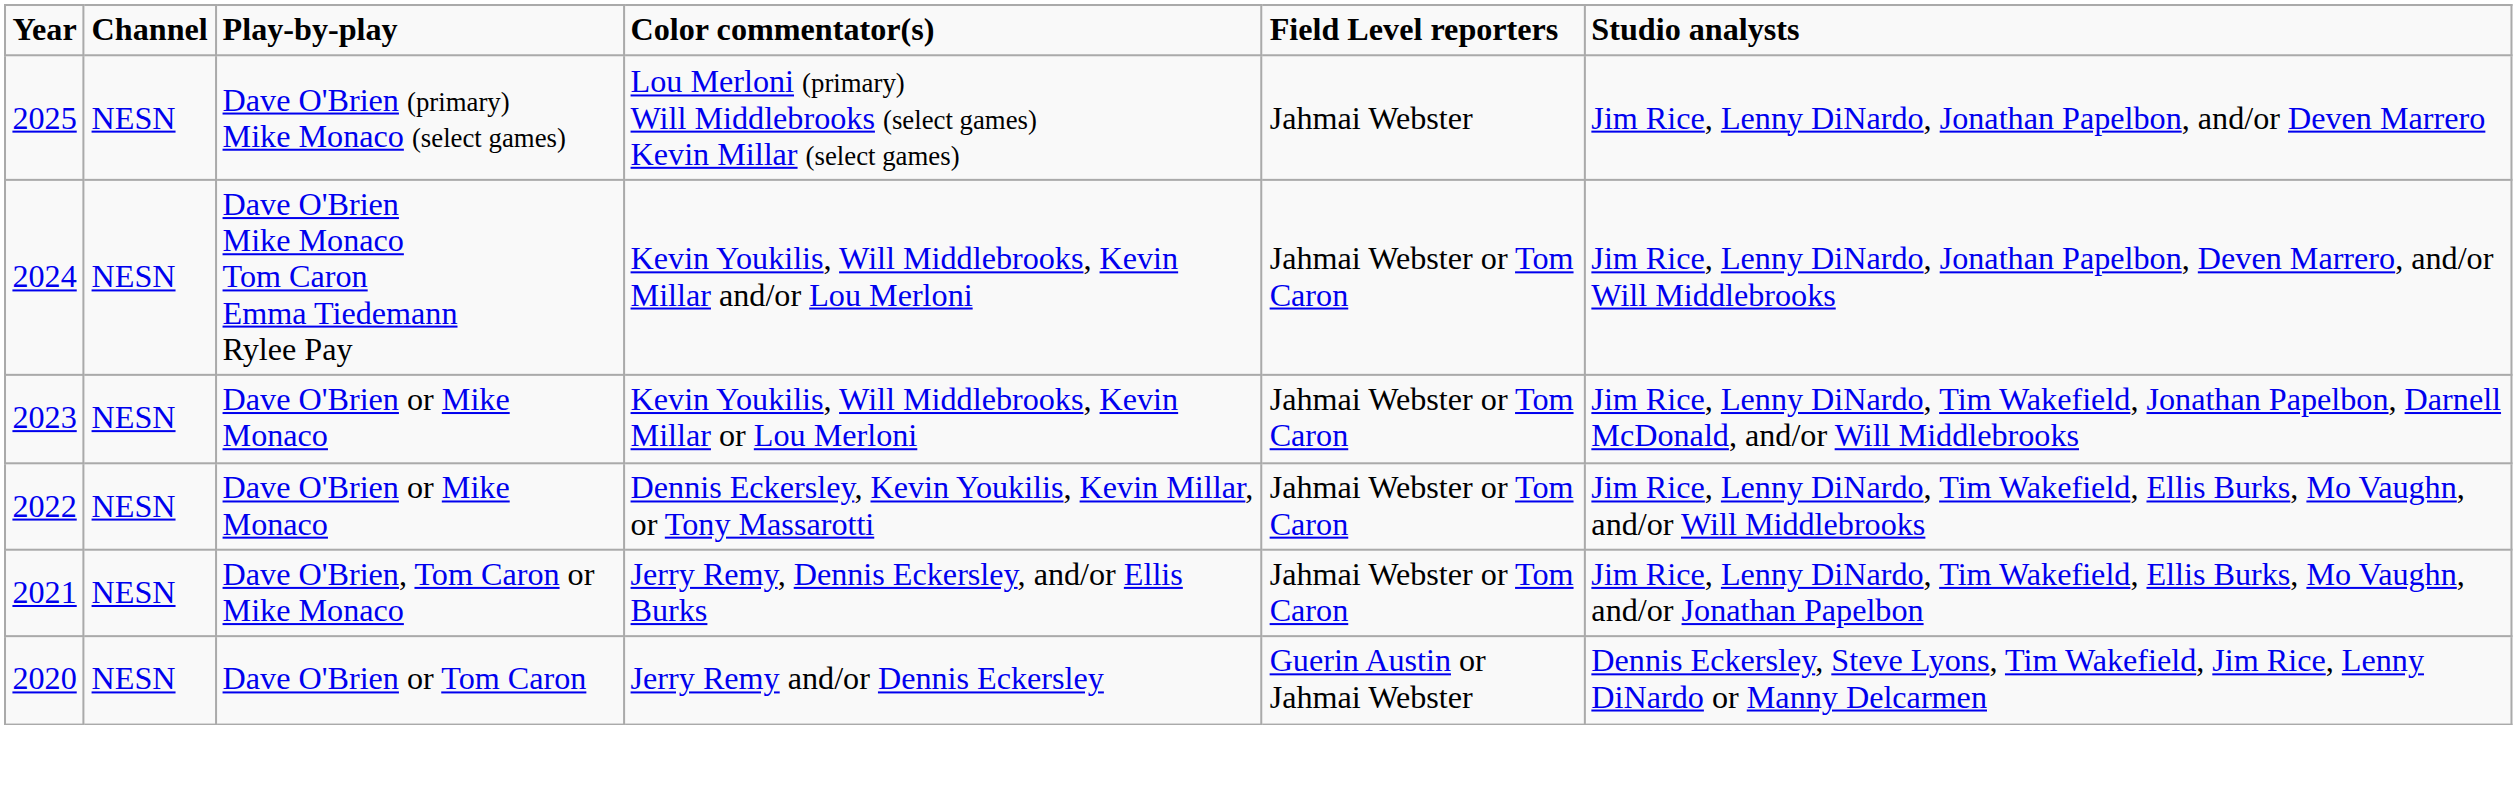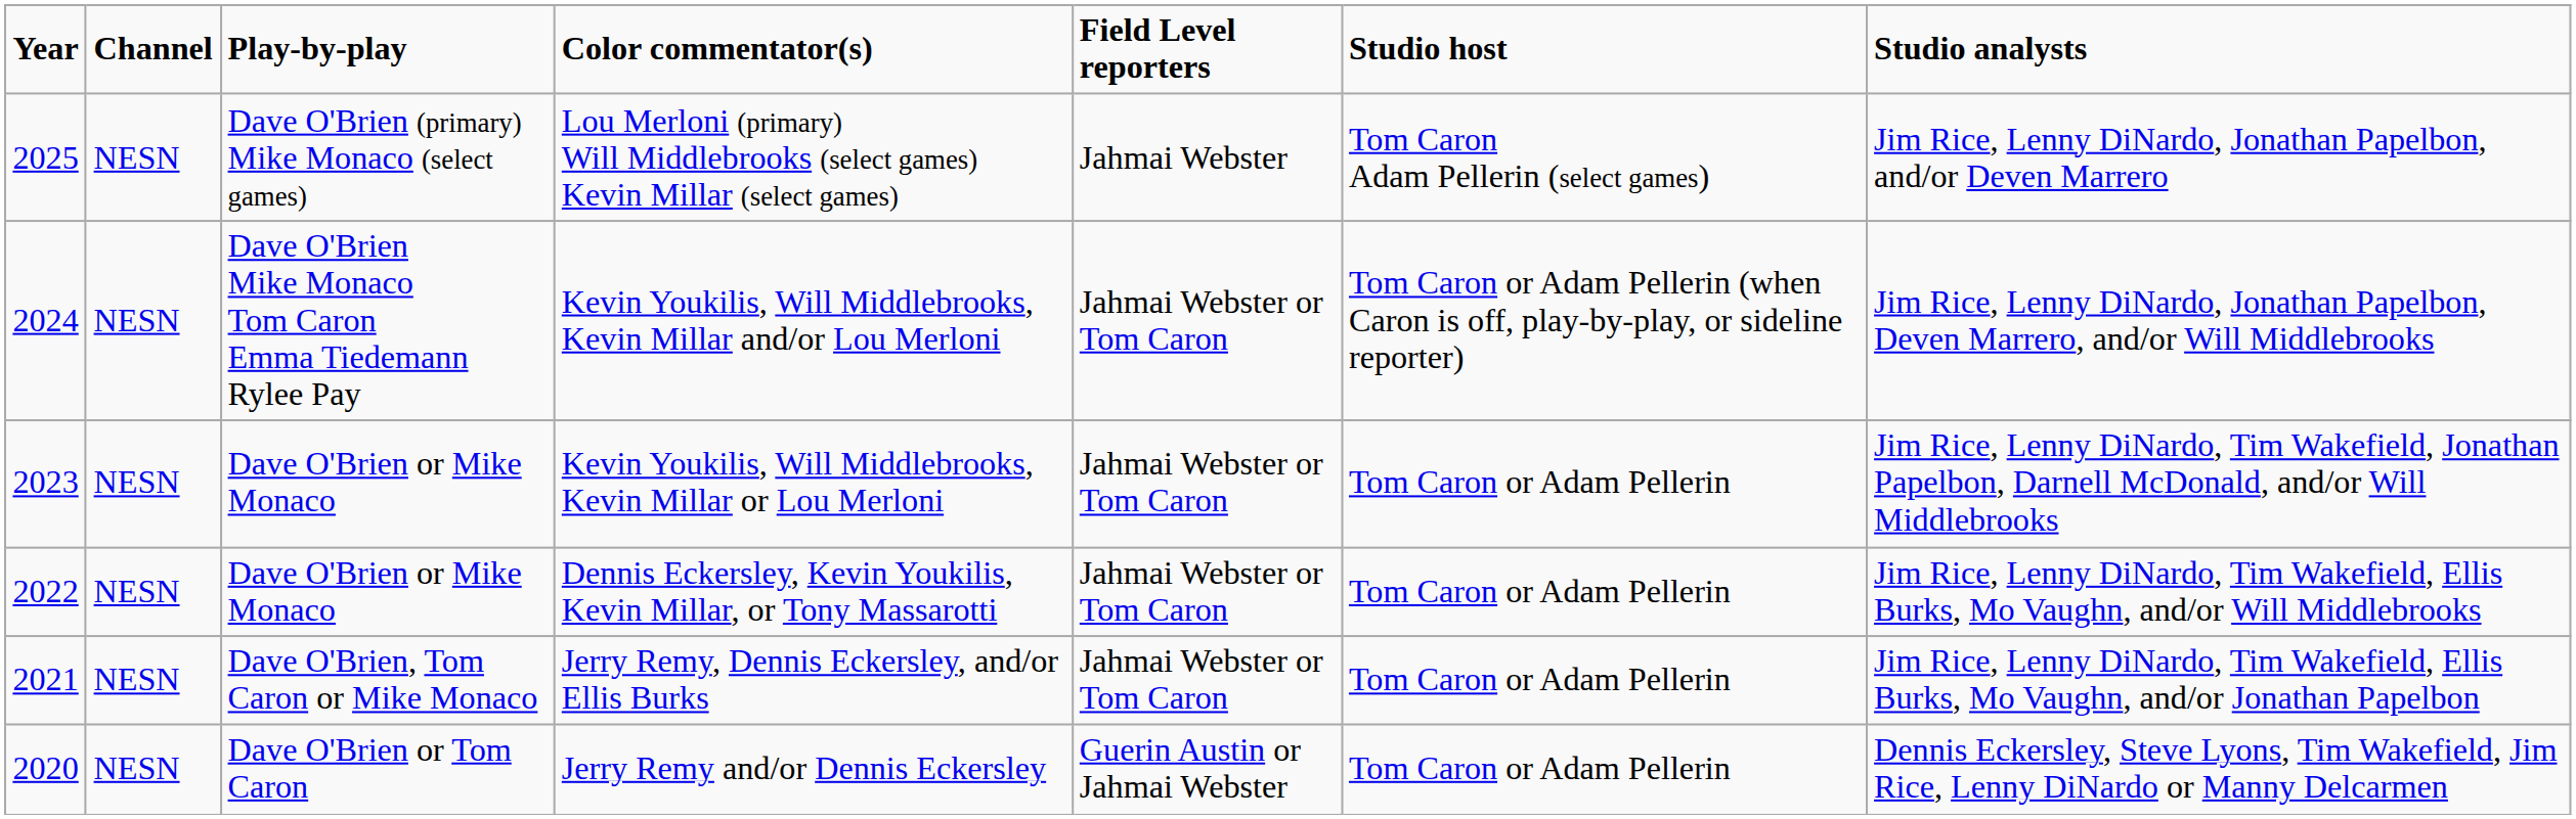 <table class="wikitable">
 <tr>
 <td><strong>Year</strong></td>
 <td><strong>Channel</strong></td>
 <td><strong>Play-by-play</strong></td>
 <td><strong>Color commentator(s)</strong></td>
 <td><strong>Field Level reporters</strong></td>
+<td><strong>Studio host</strong></td>
 <td><strong>Studio analysts</strong></td>
 </tr>
 <tr>
 <td><a href='#'>2025</a></td>
 <td><a href='#'>NESN</a></td>
 <td><a href='#'>Dave O'Brien</a> <small>(primary)</small><br><a href='#'>Mike Monaco</a> <small>(select games)</small></td>
 <td><a href='#'>Lou Merloni</a> <small>(primary)</small><br><a href='#'>Will Middlebrooks</a> <small>(select games)</small><br><a href='#'>Kevin Millar</a> <small>(select games)</small></td>
 <td>Jahmai Webster</td>
+<td><a href='#'>Tom Caron</a><br>Adam Pellerin (<small>select games</small>)</td>
 <td><a href='#'>Jim Rice</a>, <a href='#'>Lenny DiNardo</a>, <a href='#'>Jonathan Papelbon</a>, and/or <a href='#'>Deven Marrero</a></td>
 </tr>
 <tr>
 <td><a href='#'>2024</a></td>
 <td><a href='#'>NESN</a></td>
 <td><a href='#'>Dave O'Brien</a> <br><a href='#'>Mike Monaco</a> <br><a href='#'>Tom Caron</a> <br><a href='#'>Emma Tiedemann</a> <br>Rylee Pay </td>
 <td><a href='#'>Kevin Youkilis</a>, <a href='#'>Will Middlebrooks</a>, <a href='#'>Kevin Millar</a> and/or <a href='#'>Lou Merloni</a></td>
 <td>Jahmai Webster or <a href='#'>Tom Caron</a> </td>
+<td><a href='#'>Tom Caron</a> or Adam Pellerin (when Caron is off, play-by-play, or sideline reporter)</td>
 <td><a href='#'>Jim Rice</a>, <a href='#'>Lenny DiNardo</a>, <a href='#'>Jonathan Papelbon</a>, <a href='#'>Deven Marrero</a>, and/or <a href='#'>Will Middlebrooks</a></td>
 </tr>
 <tr>
 <td><a href='#'>2023</a></td>
 <td><a href='#'>NESN</a></td>
 <td><a href='#'>Dave O'Brien</a> or <a href='#'>Mike Monaco</a></td>
 <td><a href='#'>Kevin Youkilis</a>, <a href='#'>Will Middlebrooks</a>, <a href='#'>Kevin Millar</a> or <a href='#'>Lou Merloni</a></td>
 <td>Jahmai Webster or <a href='#'>Tom Caron</a> </td>
+<td><a href='#'>Tom Caron</a> or Adam Pellerin</td>
 <td><a href='#'>Jim Rice</a>, <a href='#'>Lenny DiNardo</a>, <a href='#'>Tim Wakefield</a>, <a href='#'>Jonathan Papelbon</a>, <a href='#'>Darnell McDonald</a>, and/or <a href='#'>Will Middlebrooks</a></td>
 </tr>
 <tr>
 <td><a href='#'>2022</a></td>
 <td><a href='#'>NESN</a></td>
 <td><a href='#'>Dave O'Brien</a> or <a href='#'>Mike Monaco</a></td>
 <td><a href='#'>Dennis Eckersley</a>, <a href='#'>Kevin Youkilis</a>, <a href='#'>Kevin Millar</a>, or <a href='#'>Tony Massarotti</a></td>
 <td>Jahmai Webster or <a href='#'>Tom Caron</a> </td>
+<td><a href='#'>Tom Caron</a> or Adam Pellerin</td>
 <td><a href='#'>Jim Rice</a>, <a href='#'>Lenny DiNardo</a>, <a href='#'>Tim Wakefield</a>, <a href='#'>Ellis Burks</a>, <a href='#'>Mo Vaughn</a>, and/or <a href='#'>Will Middlebrooks</a></td>
 </tr>
 <tr>
 <td><a href='#'>2021</a></td>
 <td><a href='#'>NESN</a></td>
 <td><a href='#'>Dave O'Brien</a>, <a href='#'>Tom Caron</a> or <a href='#'>Mike Monaco</a></td>
 <td><a href='#'>Jerry Remy</a>, <a href='#'>Dennis Eckersley</a>, and/or <a href='#'>Ellis Burks</a></td>
 <td>Jahmai Webster or <a href='#'>Tom Caron</a> </td>
+<td><a href='#'>Tom Caron</a> or Adam Pellerin</td>
 <td><a href='#'>Jim Rice</a>, <a href='#'>Lenny DiNardo</a>, <a href='#'>Tim Wakefield</a>, <a href='#'>Ellis Burks</a>, <a href='#'>Mo Vaughn</a>, and/or <a href='#'>Jonathan Papelbon</a></td>
 </tr>
 <tr>
 <td><a href='#'>2020</a></td>
 <td><a href='#'>NESN</a></td>
 <td><a href='#'>Dave O'Brien</a> or <a href='#'>Tom Caron</a></td>
 <td><a href='#'>Jerry Remy</a> and/or <a href='#'>Dennis Eckersley</a></td>
 <td rowspan=1><a href='#'>Guerin Austin</a> or Jahmai Webster</td>
+<td><a href='#'>Tom Caron</a> or Adam Pellerin</td>
 <td rowspan="1"><a href='#'>Dennis Eckersley</a>, <a href='#'>Steve Lyons</a>, <a href='#'>Tim Wakefield</a>, <a href='#'>Jim Rice</a>, <a href='#'>Lenny DiNardo</a> or <a href='#'>Manny Delcarmen</a></td>
 </tr>
 </table>
